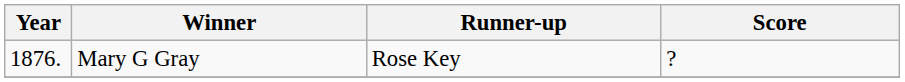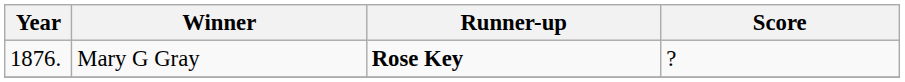 <table class="wikitable">
 <tr>
 <th style="width:40px;">Year</th>
 <th style="width:200px;">Winner</th>
 <th style="width:200px;">Runner-up</th>
 <th style="width:160px;">Score</th>
 </tr>
 <tr>
 <td>1876.</td>
 <td> Mary G Gray</td>
-<td> Rose Key</td>
+<td><strong> Rose Key</strong></td>
 <td>?</td>
 </tr>
 <tr>
 </tr>
 </table>
